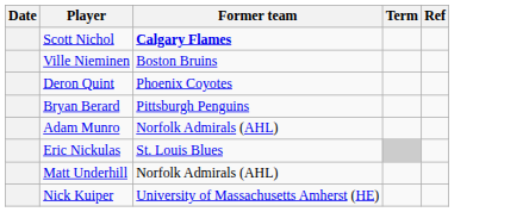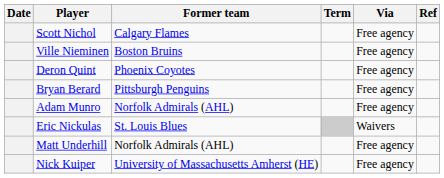 <table class="wikitable plainrowheaders">
 <tr style="background:#ddd; text-align:center;">
 <th>Date</th>
 <th>Player</th>
 <th>Former team</th>
 <th>Term</th>
+<th>Via</th>
 <th>Ref</th>
 </tr>
 <tr>
 <th scope="row"></th>
 <td><a href='#'>Scott Nichol</a></td>
-<td><strong><a href='#'>Calgary Flames</a></strong></td>
+<td><a href='#'>Calgary Flames</a></td>
 <td></td>
+<td>Free agency</td>
 <td></td>
 </tr>
 <tr>
 <th scope="row"></th>
 <td><a href='#'>Ville Nieminen</a></td>
 <td><a href='#'>Boston Bruins</a></td>
 <td></td>
+<td>Free agency</td>
 <td></td>
 </tr>
 <tr>
 <th scope="row"></th>
 <td><a href='#'>Deron Quint</a></td>
 <td><a href='#'>Phoenix Coyotes</a></td>
 <td></td>
+<td>Free agency</td>
 <td></td>
 </tr>
 <tr>
 <th scope="row"></th>
 <td><a href='#'>Bryan Berard</a></td>
 <td><a href='#'>Pittsburgh Penguins</a></td>
 <td></td>
+<td>Free agency</td>
 <td></td>
 </tr>
 <tr>
 <th scope="row"></th>
 <td><a href='#'>Adam Munro</a></td>
 <td><a href='#'>Norfolk Admirals</a> (<a href='#'>AHL</a>)</td>
 <td></td>
+<td>Free agency</td>
 <td></td>
 </tr>
 <tr>
 <th scope="row"></th>
 <td><a href='#'>Eric Nickulas</a></td>
 <td><a href='#'>St. Louis Blues</a></td>
 <td style="background:#ccc"></td>
+<td>Waivers</td>
 <td></td>
 </tr>
 <tr>
 <th scope="row"></th>
 <td><a href='#'>Matt Underhill</a></td>
 <td>Norfolk Admirals (AHL)</td>
 <td></td>
+<td>Free agency</td>
 <td></td>
 </tr>
 <tr>
 <th scope="row"></th>
 <td><a href='#'>Nick Kuiper</a></td>
 <td><a href='#'>University of Massachusetts Amherst</a> (<a href='#'>HE</a>)</td>
 <td></td>
+<td>Free agency</td>
 <td></td>
 </tr>
 </table>
